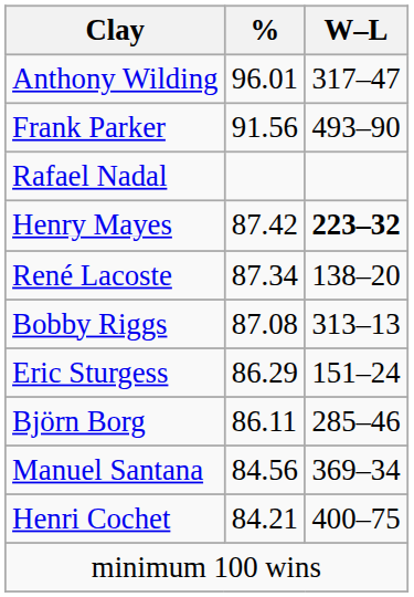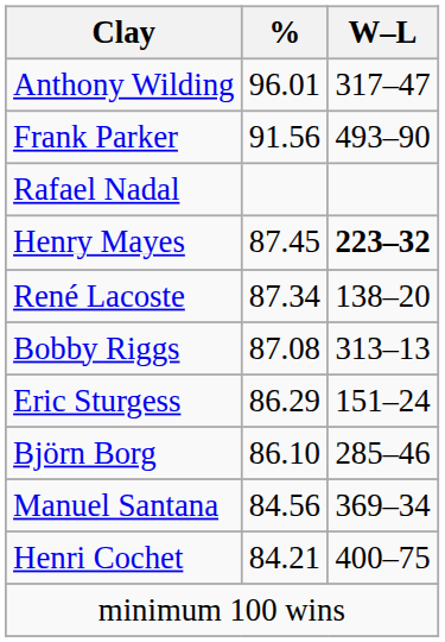 <table class=wikitable style="display:inline-table; font-size: 95%;">
 <tr>
 <th>Clay</th>
 <th>%</th>
 <th>W–L</th>
 </tr>
 <tr>
 <td> <a href='#'>Anthony Wilding</a></td>
 <td>96.01</td>
 <td>317–47</td>
 </tr>
 <tr>
 <td> <a href='#'>Frank Parker</a></td>
 <td>91.56</td>
 <td>493–90</td>
 </tr>
 <tr>
 <td> <a href='#'>Rafael Nadal</a></td>
 <td></td>
 </tr>
 <tr>
 <td> <a href='#'>Henry Mayes</a></td>
-<td>87.42</td>
+<td>87.45</td>
 <td><strong>223–32</strong></td>
 </tr>
 <tr>
 <td> <a href='#'>René Lacoste</a></td>
 <td>87.34</td>
 <td>138–20</td>
 </tr>
 <tr>
 <td> <a href='#'>Bobby Riggs</a></td>
 <td>87.08</td>
 <td>313–13</td>
 </tr>
 <tr>
 <td> <a href='#'>Eric Sturgess</a></td>
 <td>86.29</td>
 <td>151–24</td>
 </tr>
 <tr>
 <td> <a href='#'>Björn Borg</a></td>
-<td>86.11</td>
+<td>86.10</td>
 <td>285–46 </td>
 </tr>
 <tr>
 <td> <a href='#'>Manuel Santana</a></td>
 <td>84.56</td>
 <td>369–34</td>
 </tr>
 <tr>
 <td> <a href='#'>Henri Cochet</a></td>
 <td>84.21</td>
 <td>400–75</td>
 </tr>
 <tr>
 <td colspan="3" style="text-align:center;">minimum 100 wins</td>
 </tr>
 </table>
